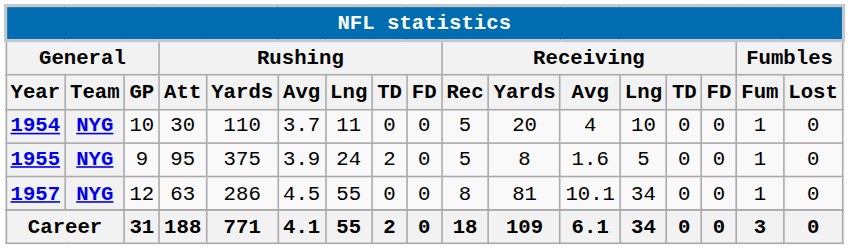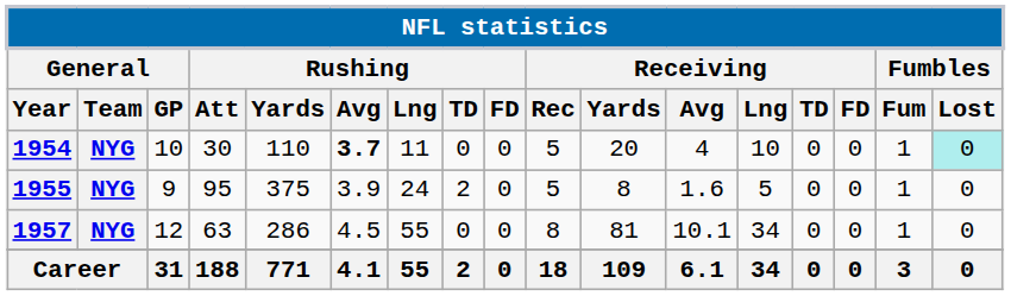 <table class= "wikitable" float="left" border="1" style="text-align:center; width:45%;">
 <tr>
 <th colspan="25" style="background: #006DB0; border: 2px solid #C5C7CF; color: #FFFFFF;"><strong>NFL statistics</strong></th>
 </tr>
 <tr>
 <th colspan=3>General</th>
 <th colspan=6>Rushing</th>
 <th colspan=6>Receiving</th>
 <th colspan=2>Fumbles</th>
 </tr>
 <tr>
 <th>Year</th>
 <th>Team</th>
 <th>GP</th>
 <th>Att</th>
 <th>Yards</th>
 <th>Avg</th>
 <th>Lng</th>
 <th>TD</th>
 <th>FD</th>
 <th>Rec</th>
 <th>Yards</th>
 <th>Avg</th>
 <th>Lng</th>
 <th>TD</th>
 <th>FD</th>
 <th>Fum</th>
 <th>Lost</th>
 </tr>
 <tr>
 <th><a href='#'>1954</a></th>
 <th><a href='#'>NYG</a></th>
 <td>10</td>
 <td>30</td>
 <td>110</td>
-<td>3.7</td>
+<td><strong>3.7</strong></td>
 <td>11</td>
 <td>0</td>
 <td>0</td>
 <td>5</td>
 <td>20</td>
 <td>4</td>
 <td>10</td>
 <td>0</td>
 <td>0</td>
 <td>1</td>
-<td>0</td>
+<td style="background: paleturquoise;">0</td>
 </tr>
 <tr>
 <th><a href='#'>1955</a></th>
 <th><a href='#'>NYG</a></th>
 <td>9</td>
 <td>95</td>
 <td>375</td>
 <td>3.9</td>
 <td>24</td>
 <td>2</td>
 <td>0</td>
 <td>5</td>
 <td>8</td>
 <td>1.6</td>
 <td>5</td>
 <td>0</td>
 <td>0</td>
 <td>1</td>
 <td>0</td>
 </tr>
 <tr>
 <th><a href='#'>1957</a></th>
 <th><a href='#'>NYG</a></th>
 <td>12</td>
 <td>63</td>
 <td>286</td>
 <td>4.5</td>
 <td>55</td>
 <td>0</td>
 <td>0</td>
 <td>8</td>
 <td>81</td>
 <td>10.1</td>
 <td>34</td>
 <td>0</td>
 <td>0</td>
 <td>1</td>
 <td>0</td>
 </tr>
 <tr>
 </tr>
 <tr>
 <th colspan=2>Career</th>
 <th>31</th>
 <th>188</th>
 <th>771</th>
 <th>4.1</th>
 <th>55</th>
 <th>2</th>
 <th>0</th>
 <th>18</th>
 <th>109</th>
 <th>6.1</th>
 <th>34</th>
 <th>0</th>
 <th>0</th>
 <th>3</th>
 <th>0</th>
 </tr>
 </table>
